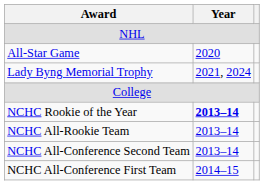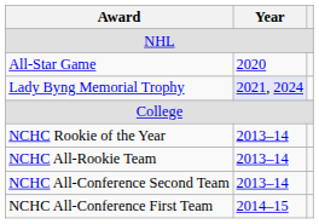 <table class="wikitable">
 <tr>
 <th>Award</th>
 <th>Year</th>
 <th></th>
 </tr>
 <tr ALIGN="center" bgcolor="#e0e0e0">
 <td colspan="3"><a href='#'>NHL</a></td>
 </tr>
 <tr>
 <td><a href='#'>All-Star Game</a></td>
 <td><a href='#'>2020</a></td>
 <td></td>
 </tr>
 <tr>
 <td><a href='#'>Lady Byng Memorial Trophy</a></td>
-<td><a href='#'>2021</a>, <a href='#'>2024</a></td>
+<td style="background: lavender;"><a href='#'>2021</a>, <a href='#'>2024</a></td>
 <td></td>
 </tr>
 <tr ALIGN="center" bgcolor="#e0e0e0">
 <td colspan="3"><a href='#'>College</a></td>
 </tr>
 <tr>
 <td><a href='#'>NCHC</a> Rookie of the Year</td>
-<td><strong><a href='#'>2013–14</a></strong></td>
+<td><a href='#'>2013–14</a></td>
 <td></td>
 </tr>
 <tr>
 <td><a href='#'>NCHC</a> All-Rookie Team</td>
 <td><a href='#'>2013–14</a></td>
 <td></td>
 </tr>
 <tr |->
 <td><a href='#'>NCHC</a> All-Conference Second Team</td>
 <td><a href='#'>2013–14</a></td>
 <td></td>
 </tr>
 <tr>
 <td>NCHC All-Conference First Team</td>
 <td><a href='#'>2014–15</a></td>
 <td></td>
 </tr>
 </table>
